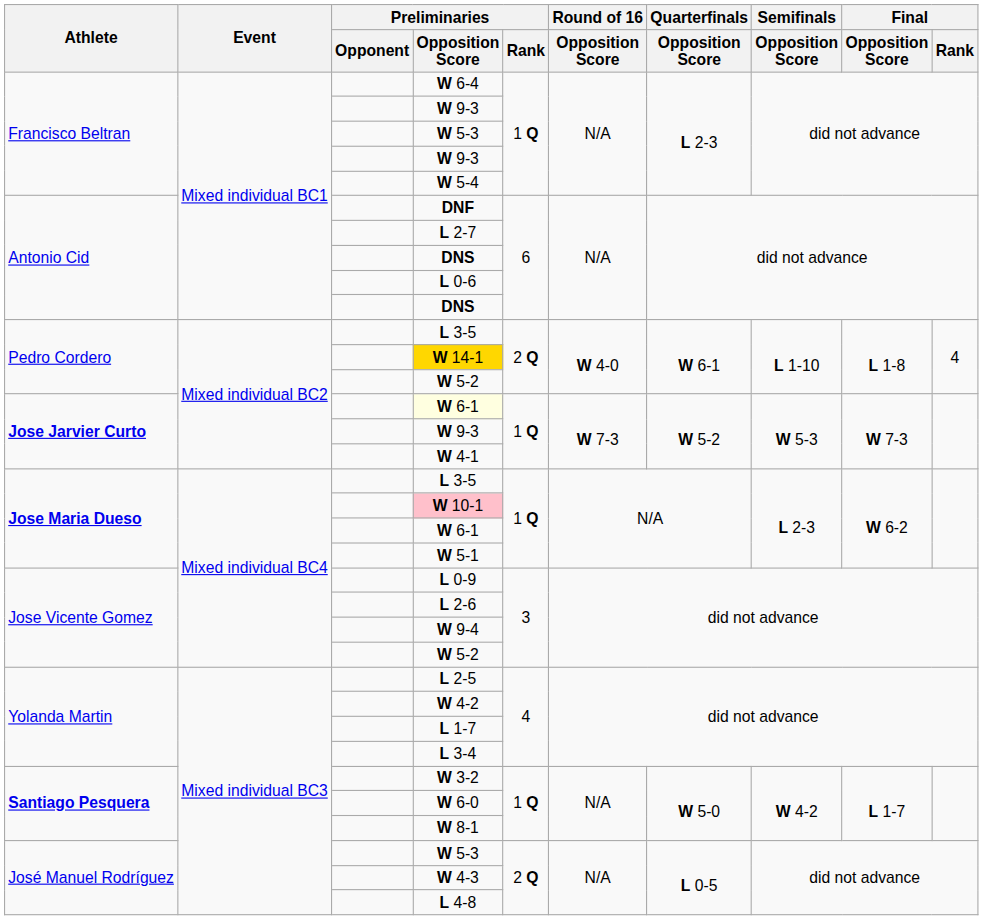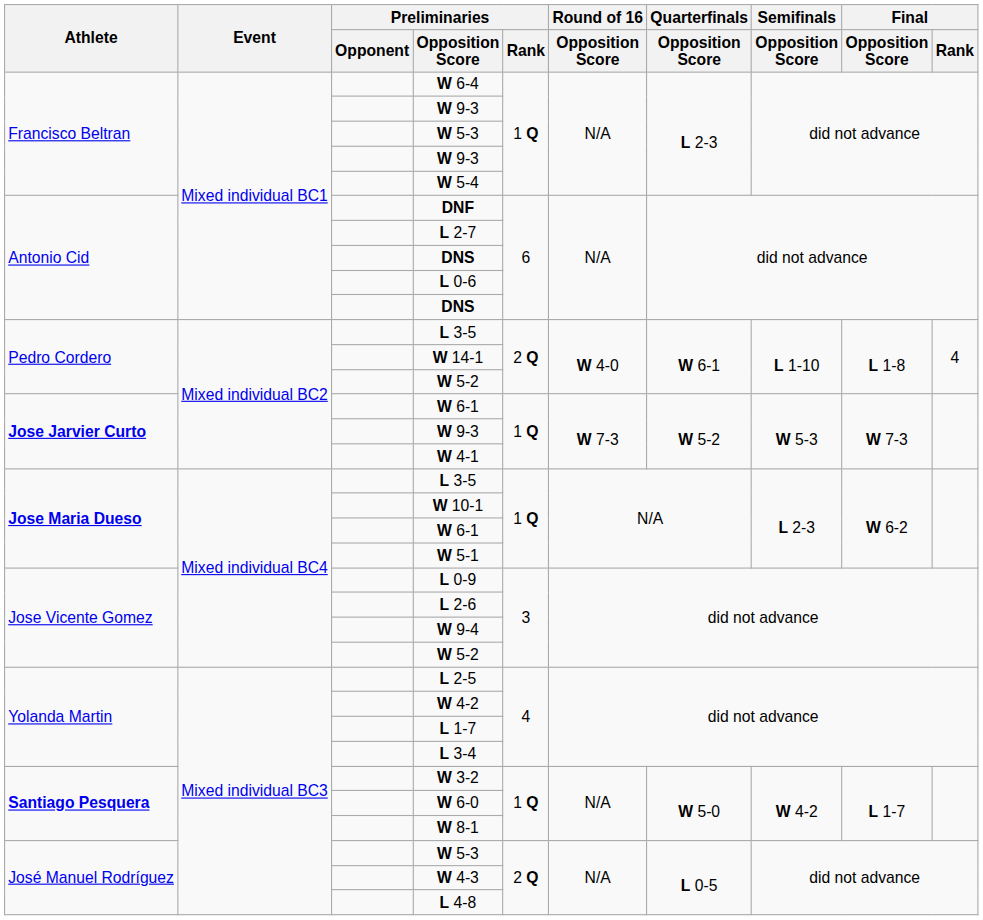 <table class=wikitable style="font-size:90%">
 <tr>
 <th rowspan="2">Athlete</th>
 <th rowspan="2">Event</th>
 <th colspan="3">Preliminaries</th>
 <th>Round of 16</th>
 <th>Quarterfinals</th>
 <th>Semifinals</th>
 <th colspan="2">Final</th>
 </tr>
 <tr>
 <th>Opponent</th>
 <th>Opposition<br>Score</th>
 <th>Rank</th>
 <th>Opposition<br>Score</th>
 <th>Opposition<br>Score</th>
 <th>Opposition<br>Score</th>
 <th>Opposition<br>Score</th>
 <th>Rank</th>
 </tr>
 <tr>
 <td rowspan="5"><a href='#'>Francisco Beltran</a></td>
 <td rowspan="10"><a href='#'>Mixed individual BC1</a></td>
 <td align="left"></td>
 <td align="center"><strong>W</strong> 6-4</td>
 <td align="center" rowspan="5">1 <strong>Q</strong></td>
 <td align="center" rowspan="5">N/A</td>
 <td align="center" rowspan="5"><br> <strong>L</strong> 2-3</td>
 <td align="center" rowspan="5" colspan="6">did not advance</td>
 </tr>
 <tr>
 <td align="left"></td>
 <td align="center"><strong>W</strong> 9-3</td>
 </tr>
 <tr>
 <td align="left"></td>
 <td align="center"><strong>W</strong> 5-3</td>
 </tr>
 <tr>
 <td align="left"></td>
 <td align="center"><strong>W</strong> 9-3</td>
 </tr>
 <tr>
 <td align="left"></td>
 <td align="center"><strong>W</strong> 5-4</td>
 </tr>
 <tr>
 <td rowspan="5"><a href='#'>Antonio Cid</a></td>
 <td align="left"></td>
 <td align="center"><strong>DNF</strong></td>
 <td align="center" rowspan="5">6</td>
 <td align="center" rowspan="5">N/A</td>
 <td align="center" rowspan="5" colspan="6">did not advance</td>
 </tr>
 <tr>
 <td align="left"></td>
 <td align="center"><strong>L</strong> 2-7</td>
 </tr>
 <tr>
 <td align="left"></td>
 <td align="center"><strong>DNS</strong></td>
 </tr>
 <tr>
 <td align="left"></td>
 <td align="center"><strong>L</strong> 0-6</td>
 </tr>
 <tr>
 <td align="left"></td>
 <td align="center"><strong>DNS</strong></td>
 </tr>
 <tr>
 <td rowspan="3"><a href='#'>Pedro Cordero</a></td>
 <td rowspan="6"><a href='#'>Mixed individual BC2</a></td>
 <td align="left"></td>
 <td align="center"><strong>L</strong> 3-5</td>
 <td align="center" rowspan="3">2 <strong>Q</strong></td>
 <td align="center" rowspan="3"><br> <strong>W</strong> 4-0</td>
 <td align="center" rowspan="3"><br> <strong>W</strong> 6-1</td>
 <td align="center" rowspan="3"><br> <strong>L</strong> 1-10</td>
 <td align="center" rowspan="3"><br> <strong>L</strong> 1-8</td>
 <td align="center" rowspan="3">4</td>
 </tr>
 <tr>
 <td align="left"></td>
-<td align="center" style="background: gold;"><strong>W</strong> 14-1</td>
+<td align="center"><strong>W</strong> 14-1</td>
 </tr>
 <tr>
 <td align="left"></td>
 <td align="center"><strong>W</strong> 5-2</td>
 </tr>
 <tr>
 <td rowspan="3"><strong><a href='#'>Jose Jarvier Curto</a></strong></td>
 <td align="left"></td>
-<td align="center" style="background: lightyellow;"><strong>W</strong> 6-1</td>
+<td align="center"><strong>W</strong> 6-1</td>
 <td align="center" rowspan="3">1 <strong>Q</strong></td>
 <td align="center" rowspan="3"><br> <strong>W</strong> 7-3</td>
 <td align="center" rowspan="3"><br> <strong>W</strong> 5-2</td>
 <td align="center" rowspan="3"><br> <strong>W</strong> 5-3</td>
 <td align="center" rowspan="3"><br> <strong>W</strong> 7-3</td>
 <td align="center" rowspan="3"></td>
 </tr>
 <tr>
 <td align="left"></td>
 <td align="center"><strong>W</strong> 9-3</td>
 </tr>
 <tr>
 <td align="left"></td>
 <td align="center"><strong>W</strong> 4-1</td>
 </tr>
 <tr>
 <td rowspan="4"><strong><a href='#'>Jose Maria Dueso</a></strong></td>
 <td rowspan="8"><a href='#'>Mixed individual BC4</a></td>
 <td align="left"></td>
 <td align="center"><strong>L</strong> 3-5</td>
 <td align="center" rowspan="4">1 <strong>Q</strong></td>
 <td align="center" rowspan="4" colspan="2">N/A</td>
 <td align="center" rowspan="4"><br> <strong>L</strong> 2-3</td>
 <td align="center" rowspan="4"><br> <strong>W</strong> 6-2</td>
 <td align="center" rowspan="4"></td>
 </tr>
 <tr>
 <td align="left"></td>
-<td align="center" style="background: pink;"><strong>W</strong> 10-1</td>
+<td align="center"><strong>W</strong> 10-1</td>
 </tr>
 <tr>
 <td align="left"></td>
 <td align="center"><strong>W</strong> 6-1</td>
 </tr>
 <tr>
 <td align="left"></td>
 <td align="center"><strong>W</strong> 5-1</td>
 </tr>
 <tr>
 <td rowspan="4"><a href='#'>Jose Vicente Gomez</a></td>
 <td align="left"></td>
 <td align="center"><strong>L</strong> 0-9</td>
 <td align="center" rowspan="4">3</td>
 <td align="center" rowspan="4" colspan="5">did not advance</td>
 </tr>
 <tr>
 <td align="left"></td>
 <td align="center"><strong>L</strong> 2-6</td>
 </tr>
 <tr>
 <td align="left"></td>
 <td align="center"><strong>W</strong> 9-4</td>
 </tr>
 <tr>
 <td align="left"></td>
 <td align="center"><strong>W</strong> 5-2</td>
 </tr>
 <tr>
 <td rowspan="4"><a href='#'>Yolanda Martin</a></td>
 <td rowspan="10"><a href='#'>Mixed individual BC3</a></td>
 <td align="left"></td>
 <td align="center"><strong>L</strong> 2-5</td>
 <td align="center" rowspan="4">4</td>
 <td align="center" rowspan="4" colspan="6">did not advance</td>
 </tr>
 <tr>
 <td align="left"></td>
 <td align="center"><strong>W</strong> 4-2</td>
 </tr>
 <tr>
 <td align="left"></td>
 <td align="center"><strong>L</strong> 1-7</td>
 </tr>
 <tr>
 <td align="left"></td>
 <td align="center"><strong>L</strong> 3-4</td>
 </tr>
 <tr>
 <td rowspan="3"><strong><a href='#'>Santiago Pesquera</a></strong></td>
 <td align="left"></td>
 <td align="center"><strong>W</strong> 3-2</td>
 <td align="center" rowspan="3">1 <strong>Q</strong></td>
 <td align="center" rowspan="3">N/A</td>
 <td align="center" rowspan="3"><br> <strong>W</strong> 5-0</td>
 <td align="center" rowspan="3"><br> <strong>W</strong> 4-2</td>
 <td align="center" rowspan="3"><br> <strong>L</strong> 1-7</td>
 <td align="center" rowspan="3"></td>
 </tr>
 <tr>
 <td align="left"></td>
 <td align="center"><strong>W</strong> 6-0</td>
 </tr>
 <tr>
 <td align="left"></td>
 <td align="center"><strong>W</strong> 8-1</td>
 </tr>
 <tr>
 <td rowspan="3"><a href='#'>José Manuel Rodríguez</a></td>
 <td align="left"></td>
 <td align="center"><strong>W</strong> 5-3</td>
 <td align="center" rowspan="3">2 <strong>Q</strong></td>
 <td align="center" rowspan="3">N/A</td>
 <td align="center" rowspan="3"><br> <strong>L</strong> 0-5</td>
 <td align="center" rowspan="3" colspan="3">did not advance</td>
 </tr>
 <tr>
 <td align="left"></td>
 <td align="center"><strong>W</strong> 4-3</td>
 </tr>
 <tr>
 <td align="left"></td>
 <td align="center"><strong>L</strong> 4-8</td>
 </tr>
 </table>
